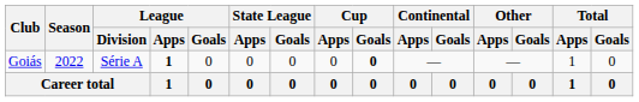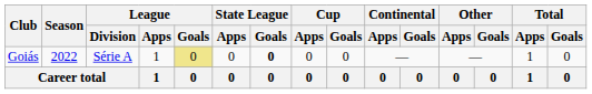 <table class="wikitable" style="text-align: center;">
 <tr>
 <th rowspan="2">Club</th>
 <th rowspan="2">Season</th>
 <th colspan="3">League</th>
 <th colspan="2">State League</th>
 <th colspan="2">Cup</th>
 <th colspan="2">Continental</th>
 <th colspan="2">Other</th>
 <th colspan="2">Total</th>
 </tr>
 <tr>
 <th>Division</th>
 <th>Apps</th>
 <th>Goals</th>
 <th>Apps</th>
 <th>Goals</th>
 <th>Apps</th>
 <th>Goals</th>
 <th>Apps</th>
 <th>Goals</th>
 <th>Apps</th>
 <th>Goals</th>
 <th>Apps</th>
 <th>Goals</th>
 </tr>
 <tr>
 <td valign="center"><a href='#'>Goiás</a></td>
 <td><a href='#'>2022</a></td>
 <td><a href='#'>Série A</a></td>
-<td><strong>1</strong></td>
+<td>1</td>
+<td style="background: khaki;">0</td>
+<td>0</td>
+<td><strong>0</strong></td>
 <td>0</td>
 <td>0</td>
-<td>0</td>
-<td>0</td>
-<td><strong>0</strong></td>
 <td colspan="2">—</td>
 <td colspan="2">—</td>
 <td>1</td>
 <td>0</td>
 </tr>
 <tr>
 <th colspan="3"><strong>Career total</strong></th>
 <th>1</th>
 <th>0</th>
 <th>0</th>
 <th>0</th>
 <th>0</th>
 <th>0</th>
 <th>0</th>
 <th>0</th>
 <th>0</th>
 <th>0</th>
 <th>1</th>
 <th>0</th>
 </tr>
 </table>
